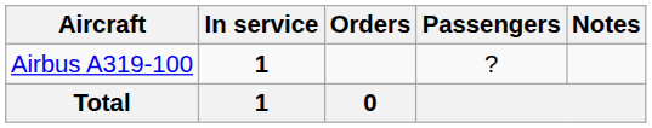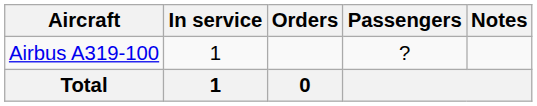 <table class="wikitable" style="text-align:center; margin:0.5em auto">
 <tr>
 <th>Aircraft</th>
 <th>In service</th>
 <th>Orders</th>
 <th>Passengers</th>
 <th>Notes</th>
 </tr>
 <tr>
 <td><a href='#'>Airbus A319-100</a></td>
-<td><strong>1</strong></td>
+<td>1</td>
 <td></td>
 <td>?</td>
 <td></td>
 </tr>
 <tr>
 <th>Total</th>
 <th>1</th>
 <th>0</th>
 <th colspan=2></th>
 </tr>
 </table>
